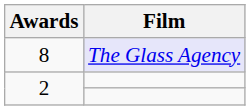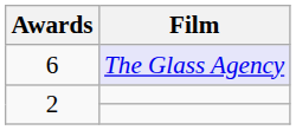 <table class="wikitable" style="text-align:center;">
 <tr>
 <th scope="col">Awards</th>
 <th scope="col" align="center">Film</th>
 </tr>
 <tr>
-<td style="text-align: center;">8</td>
+<td style="text-align: center;">6</td>
 <td style="background: lavender;"><em><a href='#'>The Glass Agency</a></em></td>
 </tr>
 <tr>
 <td rowspan=2 style="text-align: center;">2</td>
 <td><em></em></td>
 </tr>
 <tr>
 <td><em></em></td>
 </tr>
 </table>
